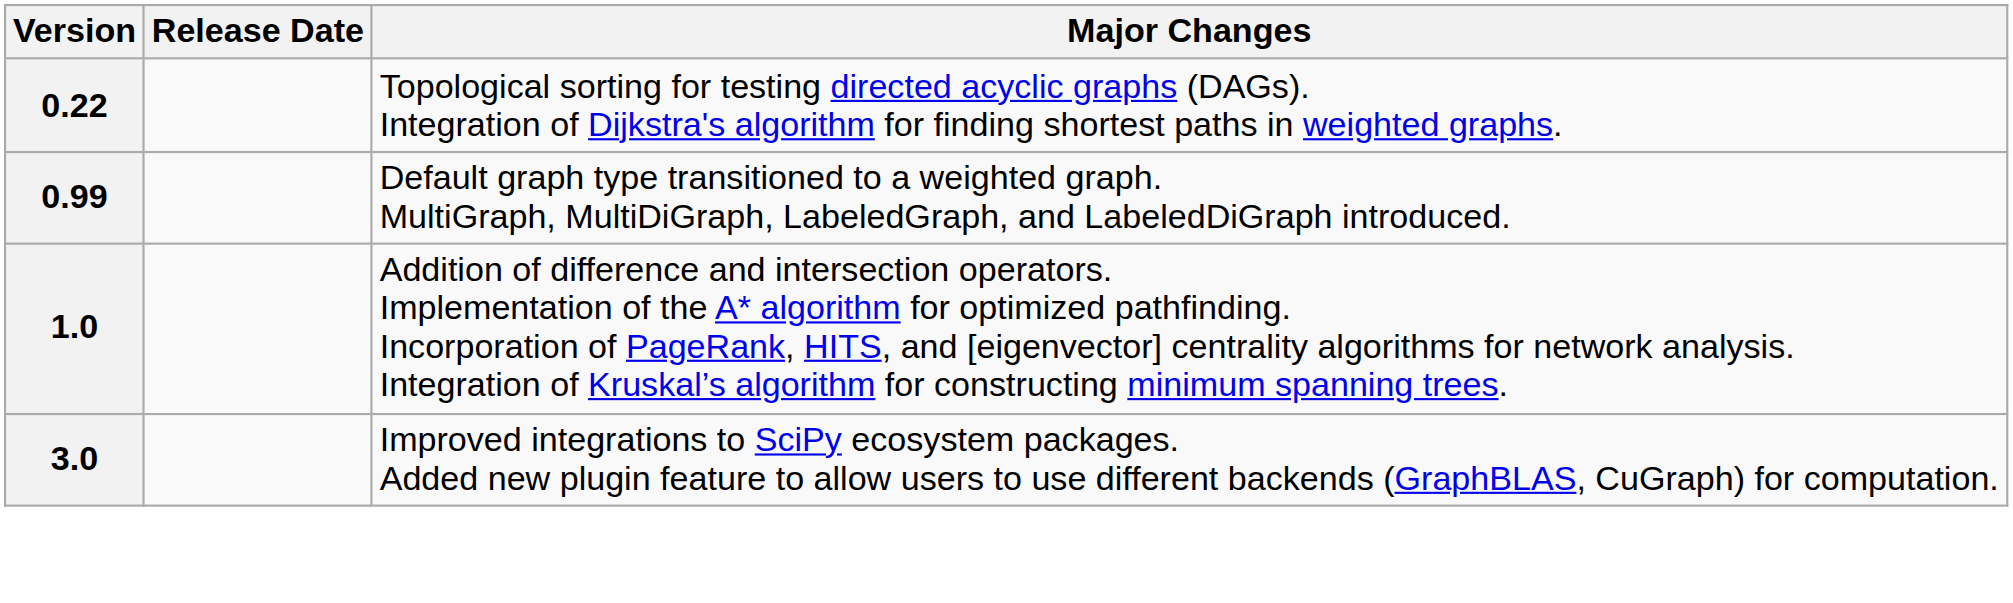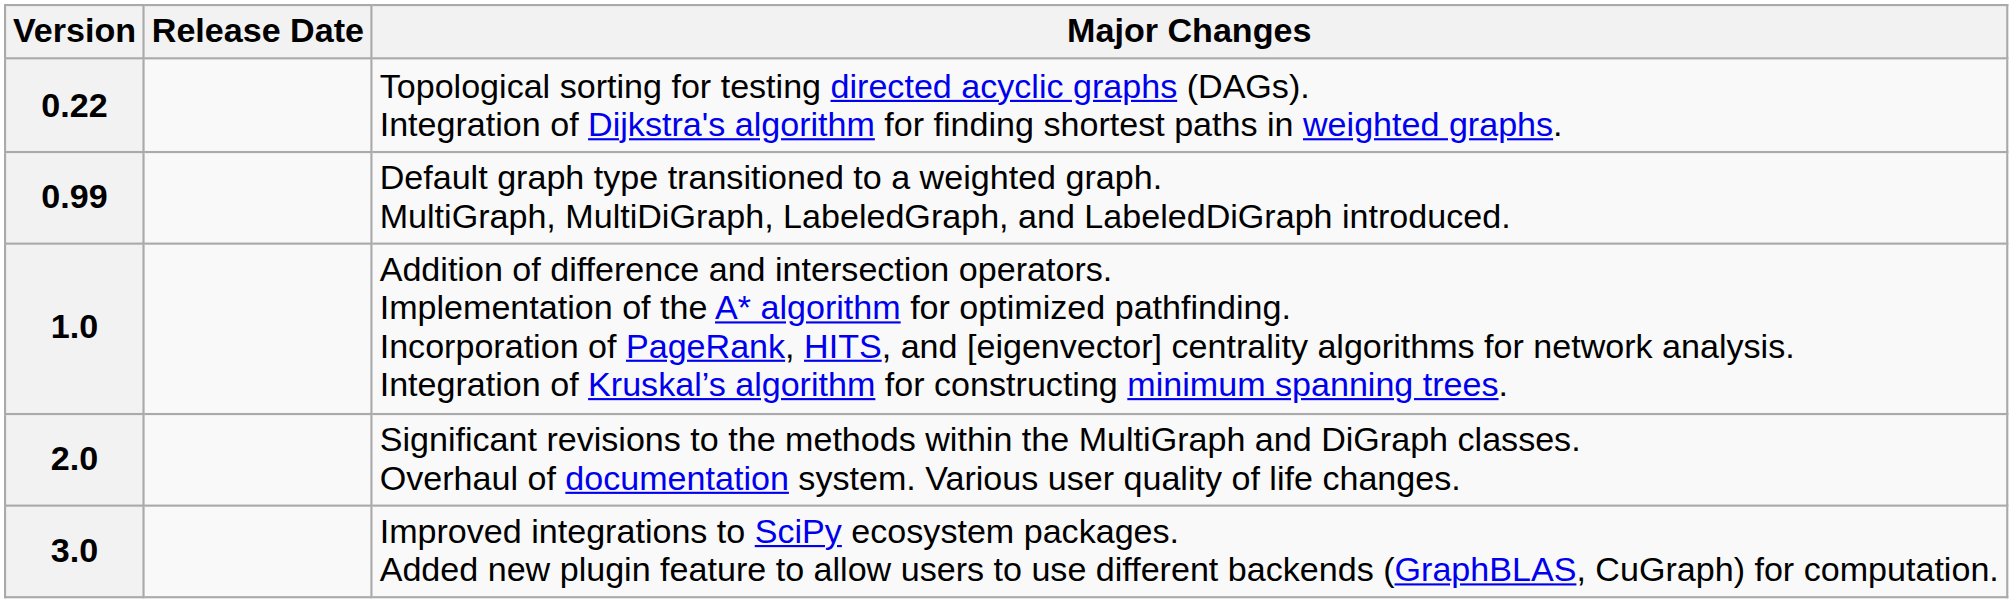 <table class=wikitable>
 <tr>
 <th>Version</th>
 <th>Release Date</th>
 <th>Major Changes</th>
 </tr>
 <tr>
 <th>0.22</th>
 <td></td>
 <td>Topological sorting for testing <a href='#'>directed acyclic graphs</a> (DAGs).<br>Integration of <a href='#'>Dijkstra's algorithm</a> for finding shortest paths in <a href='#'>weighted graphs</a>.</td>
 </tr>
 <tr>
 <th>0.99</th>
 <td></td>
 <td>Default graph type transitioned to a weighted graph.<br>MultiGraph, MultiDiGraph, LabeledGraph, and LabeledDiGraph introduced.</td>
 </tr>
 <tr>
 <th>1.0</th>
 <td></td>
 <td>Addition of difference and intersection operators.<br>Implementation of the <a href='#'>A* algorithm</a> for optimized pathfinding.<br>Incorporation of <a href='#'>PageRank</a>, <a href='#'>HITS</a>, and [eigenvector] centrality algorithms for network analysis.<br>Integration of <a href='#'>Kruskal’s algorithm</a> for constructing <a href='#'>minimum spanning trees</a>.</td>
 </tr>
 <tr>
+<th>2.0</th>
+<td></td>
+<td>Significant revisions to the methods within the MultiGraph and DiGraph classes.<br>Overhaul of <a href='#'>documentation</a> system. Various user quality of life changes.</td>
+</tr>
+<tr>
 <th>3.0</th>
 <td></td>
 <td>Improved integrations to <a href='#'>SciPy</a> ecosystem packages.<br>Added new plugin feature to allow users to use different backends (<a href='#'>GraphBLAS</a>, CuGraph) for computation.</td>
 </tr>
 </table>
